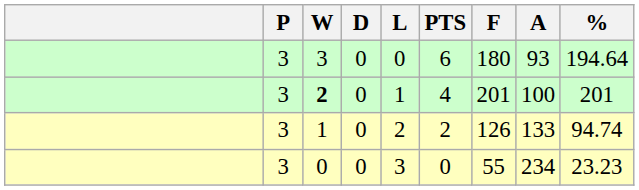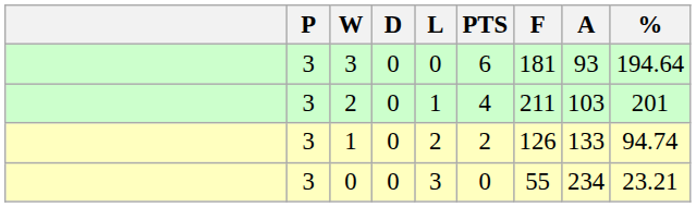 <table class=wikitable style="text-align:center">
 <tr>
 <th width=175></th>
 <th width=20>P</th>
 <th width=20>W</th>
 <th width=20>D</th>
 <th width=20>L</th>
 <th width=20>PTS</th>
 <th width=20>F</th>
 <th width=20>A</th>
 <th width=20>%</th>
 </tr>
 <tr style="background-color:#ccffcc;">
 <td style="text-align:left;"></td>
 <td>3</td>
 <td>3</td>
 <td>0</td>
 <td>0</td>
 <td>6</td>
-<td>180</td>
+<td>181</td>
 <td>93</td>
 <td>194.64</td>
 </tr>
 <tr style="background-color:#ccffcc;">
 <td style="text-align:left;"></td>
 <td>3</td>
-<td><strong>2</strong></td>
+<td>2</td>
 <td>0</td>
 <td>1</td>
 <td>4</td>
-<td>201</td>
-<td>100</td>
+<td>211</td>
+<td>103</td>
 <td>201</td>
 </tr>
 <tr style="background:#FFFFBF;">
 <td style="text-align:left;"></td>
 <td>3</td>
 <td>1</td>
 <td>0</td>
 <td>2</td>
 <td>2</td>
 <td>126</td>
 <td>133</td>
 <td>94.74</td>
 </tr>
 <tr style="background:#FFFFBF;">
 <td style="text-align:left;"></td>
 <td>3</td>
 <td>0</td>
 <td>0</td>
 <td>3</td>
 <td>0</td>
 <td>55</td>
 <td>234</td>
-<td>23.23</td>
+<td>23.21</td>
 </tr>
 </table>
